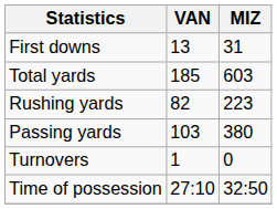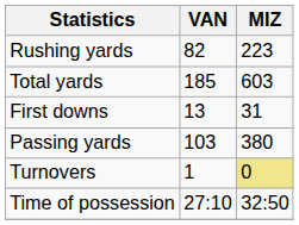 <table class="wikitable">
 <tr>
 <th>Statistics</th>
 <th>VAN</th>
 <th>MIZ</th>
 </tr>
 <tr>
-<td>First downs</td>
-<td>13</td>
-<td>31</td>
+<td>Rushing yards</td>
+<td>82</td>
+<td>223</td>
 </tr>
 <tr>
 <td>Total yards</td>
 <td>185</td>
 <td>603</td>
 </tr>
 <tr>
-<td>Rushing yards</td>
-<td>82</td>
-<td>223</td>
+<td>First downs</td>
+<td>13</td>
+<td>31</td>
 </tr>
 <tr>
 <td>Passing yards</td>
 <td>103</td>
 <td>380</td>
 </tr>
 <tr>
 <td>Turnovers</td>
 <td>1</td>
-<td>0</td>
+<td style="background: khaki;">0</td>
 </tr>
 <tr>
 <td>Time of possession</td>
 <td>27:10</td>
 <td>32:50</td>
 </tr>
 <tr>
 </tr>
 </table>
